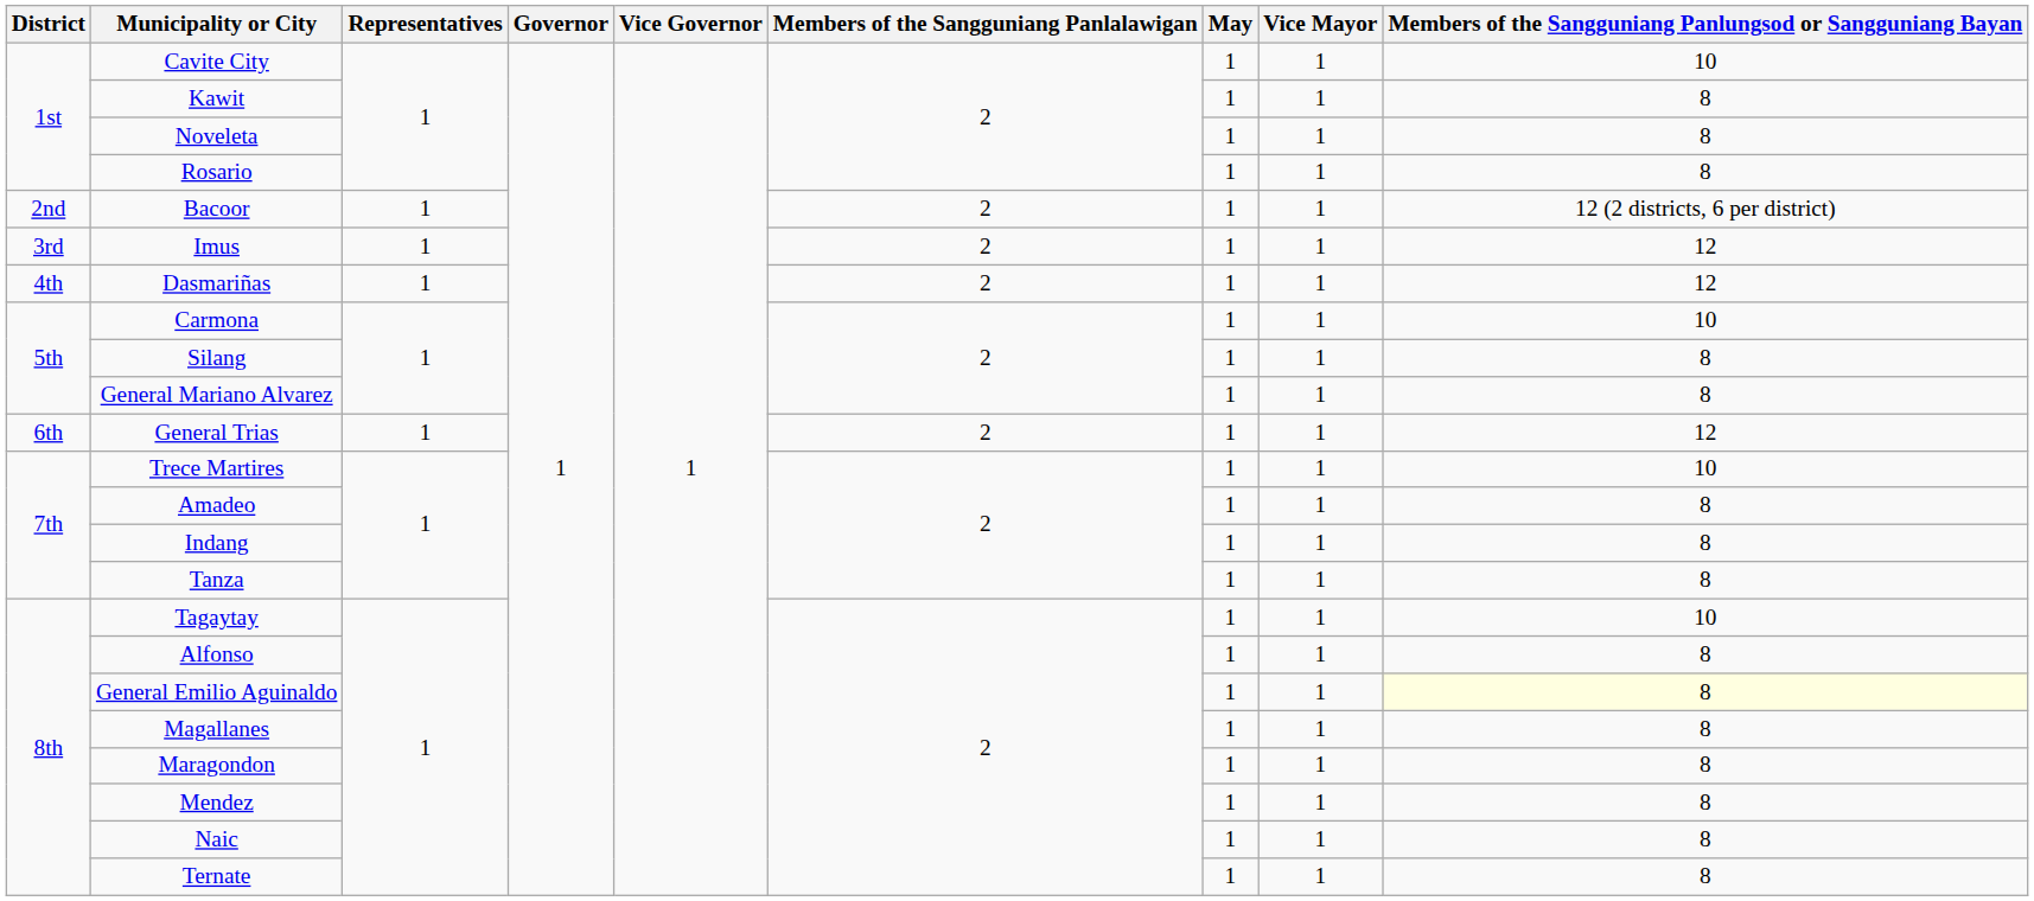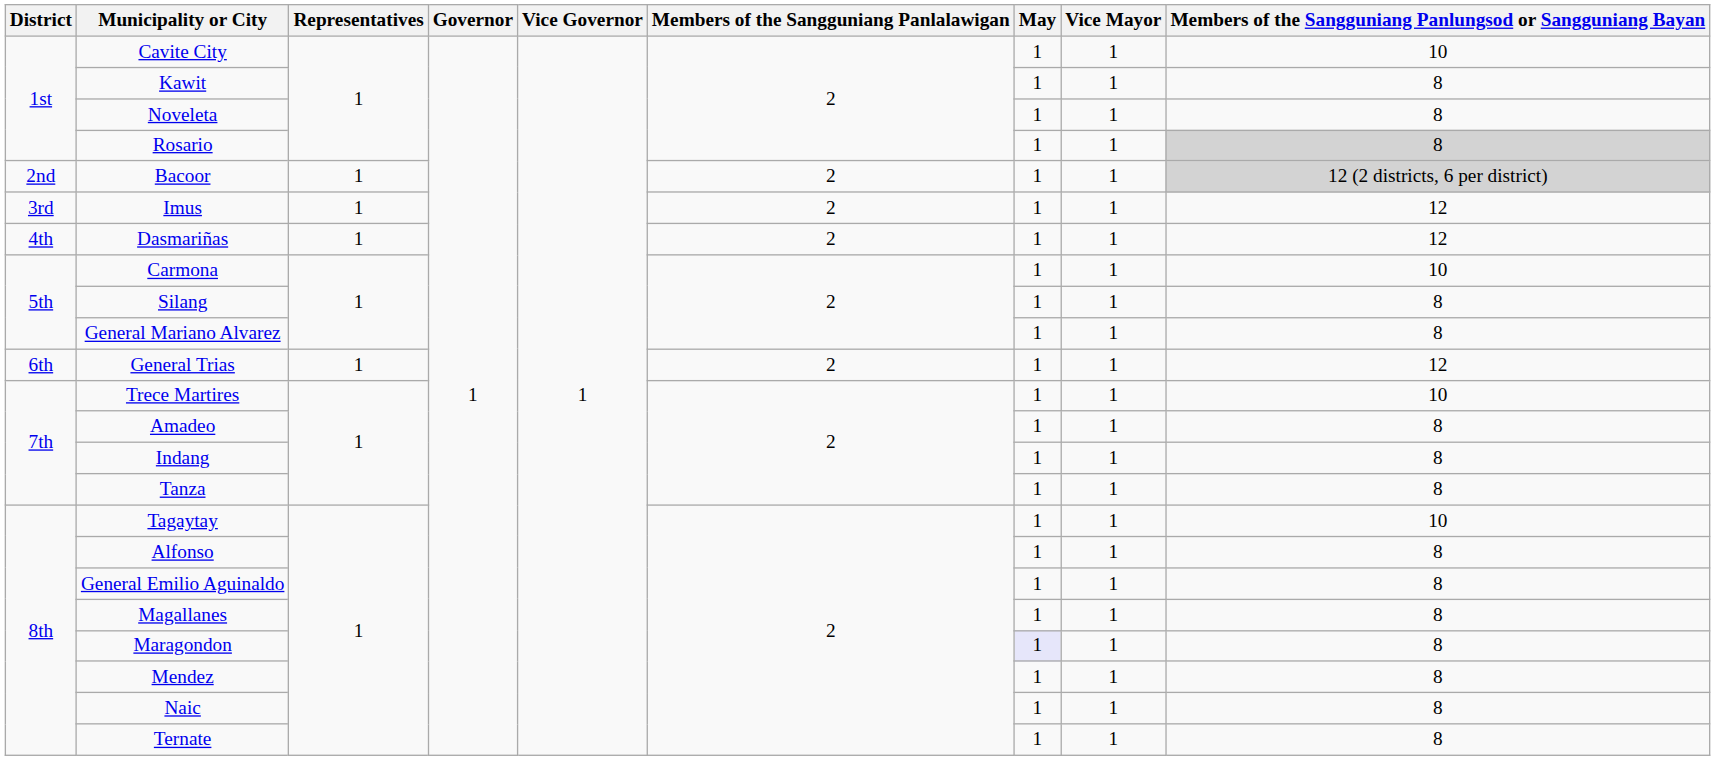 <table class="wikitable" style="text-align:center; margin: auto; font-size:92%;">
 <tr>
 <th>District</th>
 <th>Municipality or City</th>
 <th>Representatives</th>
 <th>Governor</th>
 <th>Vice Governor</th>
 <th>Members of the Sangguniang Panlalawigan</th>
 <th>May</th>
 <th>Vice Mayor</th>
 <th>Members of the <a href='#'>Sangguniang Panlungsod</a> or <a href='#'>Sangguniang Bayan</a></th>
 </tr>
 <tr>
 <td rowspan = "4"><a href='#'> 1st</a></td>
 <td><a href='#'>Cavite City</a></td>
 <td rowspan = "4">1</td>
 <td rowspan = "23">1</td>
 <td rowspan = "23">1</td>
 <td rowspan = "4">2</td>
 <td>1</td>
 <td>1</td>
 <td>10</td>
 </tr>
 <tr>
 <td><a href='#'>Kawit</a></td>
 <td>1</td>
 <td>1</td>
 <td>8</td>
 </tr>
 <tr>
 <td><a href='#'>Noveleta</a></td>
 <td>1</td>
 <td>1</td>
 <td>8</td>
 </tr>
 <tr>
 <td><a href='#'>Rosario</a></td>
 <td>1</td>
 <td>1</td>
-<td>8</td>
+<td style="background: lightgrey;">8</td>
 </tr>
 <tr>
 <td><a href='#'> 2nd</a></td>
 <td><a href='#'>Bacoor</a></td>
 <td>1</td>
 <td>2</td>
 <td>1</td>
 <td>1</td>
-<td>12 (2 districts, 6 per district)</td>
+<td style="background: lightgrey;">12 (2 districts, 6 per district)</td>
 </tr>
 <tr>
 <td><a href='#'> 3rd</a></td>
 <td><a href='#'>Imus</a></td>
 <td>1</td>
 <td>2</td>
 <td>1</td>
 <td>1</td>
 <td>12</td>
 </tr>
 <tr>
 <td><a href='#'> 4th</a></td>
 <td><a href='#'>Dasmariñas</a></td>
 <td>1</td>
 <td>2</td>
 <td>1</td>
 <td>1</td>
 <td>12</td>
 </tr>
 <tr>
 <td rowspan = "3"><a href='#'> 5th</a></td>
 <td><a href='#'> Carmona</a></td>
 <td rowspan = "3">1</td>
 <td rowspan = "3">2</td>
 <td>1</td>
 <td>1</td>
 <td>10</td>
 </tr>
 <tr>
 <td><a href='#'> Silang</a></td>
 <td>1</td>
 <td>1</td>
 <td>8</td>
 </tr>
 <tr>
 <td><a href='#'>General Mariano Alvarez</a></td>
 <td>1</td>
 <td>1</td>
 <td>8</td>
 </tr>
 <tr>
 <td><a href='#'> 6th</a></td>
 <td><a href='#'>General Trias</a></td>
 <td>1</td>
 <td>2</td>
 <td>1</td>
 <td>1</td>
 <td>12</td>
 </tr>
 <tr>
 <td rowspan = "4"><a href='#'> 7th</a></td>
 <td><a href='#'>Trece Martires</a></td>
 <td rowspan = "4">1</td>
 <td rowspan = "4">2</td>
 <td>1</td>
 <td>1</td>
 <td>10</td>
 </tr>
 <tr>
 <td><a href='#'> Amadeo</a></td>
 <td>1</td>
 <td>1</td>
 <td>8</td>
 </tr>
 <tr>
 <td><a href='#'>Indang</a></td>
 <td>1</td>
 <td>1</td>
 <td>8</td>
 </tr>
 <tr>
 <td><a href='#'>Tanza</a></td>
 <td>1</td>
 <td>1</td>
 <td>8</td>
 </tr>
 <tr>
 <td rowspan = "8"><a href='#'> 8th</a></td>
 <td><a href='#'>Tagaytay</a></td>
 <td rowspan = "8">1</td>
 <td rowspan = "8">2</td>
 <td>1</td>
 <td>1</td>
 <td>10</td>
 </tr>
 <tr>
 <td><a href='#'> Alfonso</a></td>
 <td>1</td>
 <td>1</td>
 <td>8</td>
 </tr>
 <tr>
 <td><a href='#'> General Emilio Aguinaldo</a></td>
 <td>1</td>
 <td>1</td>
-<td style="background: lightyellow;">8</td>
+<td>8</td>
 </tr>
 <tr>
 <td><a href='#'> Magallanes</a></td>
 <td>1</td>
 <td>1</td>
 <td>8</td>
 </tr>
 <tr>
 <td><a href='#'>Maragondon</a></td>
-<td>1</td>
+<td style="background: lavender;">1</td>
 <td>1</td>
 <td>8</td>
 </tr>
 <tr>
 <td><a href='#'> Mendez</a></td>
 <td>1</td>
 <td>1</td>
 <td>8</td>
 </tr>
 <tr>
 <td><a href='#'>Naic</a></td>
 <td>1</td>
 <td>1</td>
 <td>8</td>
 </tr>
 <tr>
 <td><a href='#'>Ternate</a></td>
 <td>1</td>
 <td>1</td>
 <td>8</td>
 </tr>
 </table>
